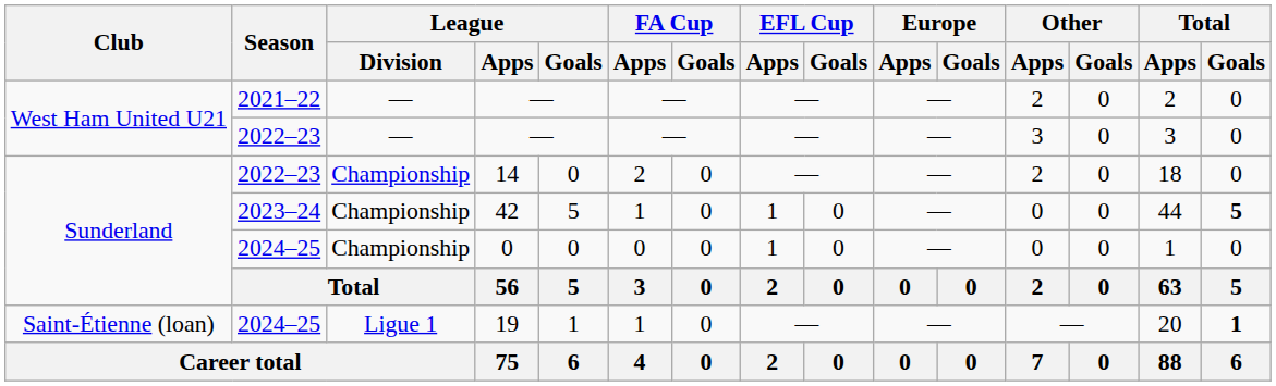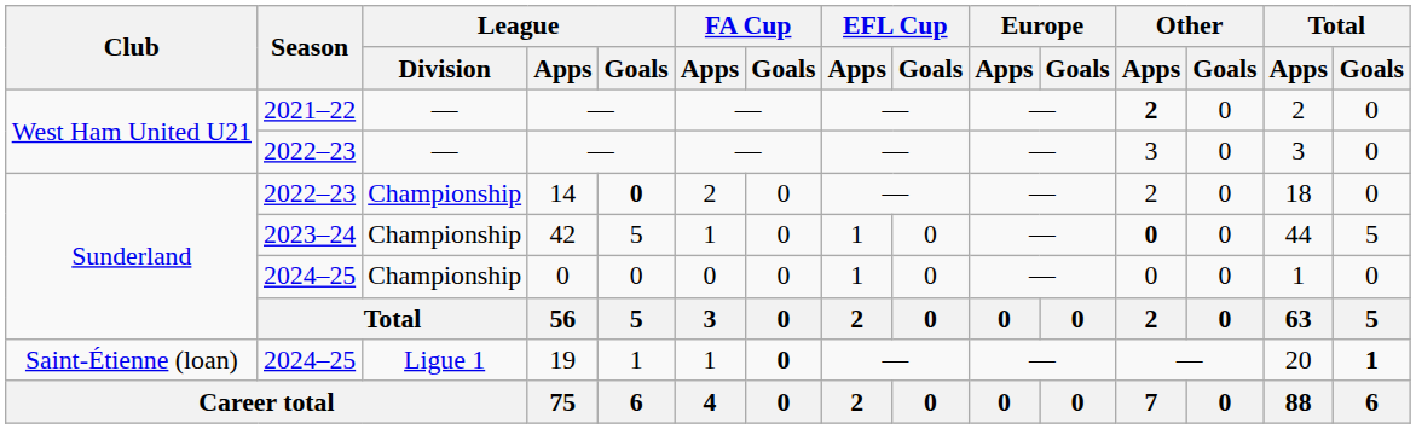 <table class=wikitable style=text-align:center>
 <tr>
 <th rowspan=2>Club</th>
 <th rowspan=2>Season</th>
 <th colspan=3>League</th>
 <th colspan=2><a href='#'>FA Cup</a></th>
 <th colspan=2><a href='#'>EFL Cup</a></th>
 <th colspan=2>Europe</th>
 <th colspan=2>Other</th>
 <th colspan=2>Total</th>
 </tr>
 <tr>
 <th>Division</th>
 <th>Apps</th>
 <th>Goals</th>
 <th>Apps</th>
 <th>Goals</th>
 <th>Apps</th>
 <th>Goals</th>
 <th>Apps</th>
 <th>Goals</th>
 <th>Apps</th>
 <th>Goals</th>
 <th>Apps</th>
 <th>Goals</th>
 </tr>
 <tr>
 <td rowspan=2><a href='#'>West Ham United U21</a></td>
 <td><a href='#'>2021–22</a></td>
 <td>—</td>
 <td colspan=2>—</td>
 <td colspan=2>—</td>
 <td colspan=2>—</td>
 <td colspan=2>—</td>
-<td>2</td>
+<td><strong>2</strong></td>
 <td>0</td>
 <td>2</td>
 <td>0</td>
 </tr>
 <tr>
 <td><a href='#'>2022–23</a></td>
 <td>—</td>
 <td colspan=2>—</td>
 <td colspan=2>—</td>
 <td colspan=2>—</td>
 <td colspan=2>—</td>
 <td>3</td>
 <td>0</td>
 <td>3</td>
 <td>0</td>
 </tr>
 <tr>
 <td rowspan="4"><a href='#'>Sunderland</a></td>
 <td><a href='#'>2022–23</a></td>
 <td><a href='#'>Championship</a></td>
 <td>14</td>
-<td>0</td>
+<td><strong>0</strong></td>
 <td>2</td>
 <td>0</td>
 <td colspan="2">—</td>
 <td colspan="2">—</td>
 <td>2</td>
 <td>0</td>
 <td>18</td>
 <td>0</td>
 </tr>
 <tr>
 <td><a href='#'>2023–24</a></td>
 <td>Championship</td>
 <td>42</td>
 <td>5</td>
 <td>1</td>
 <td>0</td>
 <td>1</td>
 <td>0</td>
 <td colspan="2">—</td>
-<td>0</td>
+<td><strong>0</strong></td>
 <td>0</td>
 <td>44</td>
-<td><strong>5</strong></td>
+<td>5</td>
 </tr>
 <tr>
 <td><a href='#'>2024–25</a></td>
 <td>Championship</td>
 <td>0</td>
 <td>0</td>
 <td>0</td>
 <td>0</td>
 <td>1</td>
 <td>0</td>
 <td colspan="2">—</td>
 <td>0</td>
 <td>0</td>
 <td>1</td>
 <td>0</td>
 </tr>
 <tr>
 <th colspan=2>Total</th>
 <th>56</th>
 <th>5</th>
 <th>3</th>
 <th>0</th>
 <th>2</th>
 <th>0</th>
 <th>0</th>
 <th>0</th>
 <th>2</th>
 <th>0</th>
 <th>63</th>
 <th>5</th>
 </tr>
 <tr>
 <td><a href='#'>Saint-Étienne</a> (loan)</td>
 <td><a href='#'>2024–25</a></td>
 <td><a href='#'>Ligue 1</a></td>
 <td>19</td>
 <td>1</td>
 <td>1</td>
-<td>0</td>
+<td><strong>0</strong></td>
 <td colspan="2">—</td>
 <td colspan="2">—</td>
 <td colspan="2">—</td>
 <td>20</td>
 <td><strong>1</strong></td>
 </tr>
 <tr>
 <th colspan=3>Career total</th>
 <th>75</th>
 <th>6</th>
 <th>4</th>
 <th>0</th>
 <th>2</th>
 <th>0</th>
 <th>0</th>
 <th>0</th>
 <th>7</th>
 <th>0</th>
 <th>88</th>
 <th>6</th>
 </tr>
 </table>
